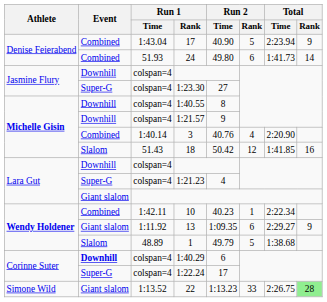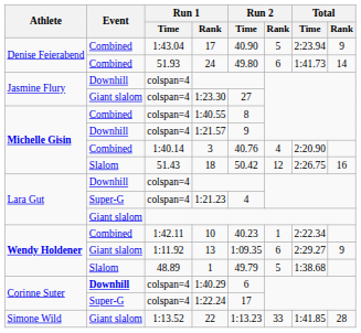 <table class="wikitable" style="font-size:90%">
 <tr>
 <th rowspan=2>Athlete</th>
 <th rowspan=2>Event</th>
 <th colspan=2>Run 1</th>
 <th colspan=2>Run 2</th>
 <th colspan=2>Total</th>
 </tr>
 <tr style="font-size:95%">
 <th>Time</th>
 <th>Rank</th>
 <th>Time</th>
 <th>Rank</th>
 <th>Time</th>
 <th>Rank</th>
 </tr>
 <tr align=center>
 <td align=left rowspan=2><a href='#'>Denise Feierabend</a></td>
 <td align=left><a href='#'>Combined</a></td>
 <td>1:43.04</td>
 <td>17</td>
 <td>40.90</td>
 <td>5</td>
 <td>2:23.94</td>
 <td>9</td>
 </tr>
 <tr align=center>
 <td align=left><a href='#'>Combined</a></td>
 <td>51.93</td>
 <td>24</td>
 <td>49.80</td>
 <td>6</td>
 <td>1:41.73</td>
 <td>14</td>
 </tr>
 <tr align=center>
 <td align=left rowspan=2><a href='#'>Jasmine Flury</a></td>
 <td align=left><a href='#'>Downhill</a></td>
 <td>colspan=4 </td>
 <td colspan=2></td>
 </tr>
 <tr align=center>
-<td align=left><a href='#'>Super-G</a></td>
+<td align=left><a href='#'>Giant slalom</a></td>
 <td>colspan=4 </td>
 <td>1:23.30</td>
 <td>27</td>
 </tr>
 <tr align=center>
 <td align=left rowspan=4><strong><a href='#'>Michelle Gisin</a></strong></td>
-<td align=left><a href='#'>Downhill</a></td>
+<td align=left><a href='#'>Combined</a></td>
 <td>colspan=4 </td>
 <td>1:40.55</td>
 <td>8</td>
 </tr>
 <tr align=center>
 <td align=left><a href='#'>Downhill</a></td>
 <td>colspan=4 </td>
 <td>1:21.57</td>
 <td>9</td>
 </tr>
 <tr align=center>
 <td align=left><a href='#'>Combined</a></td>
 <td>1:40.14</td>
 <td>3</td>
 <td>40.76</td>
 <td>4</td>
 <td>2:20.90</td>
 <td></td>
 </tr>
 <tr align=center>
 <td align=left><a href='#'>Slalom</a></td>
 <td>51.43</td>
 <td>18</td>
 <td>50.42</td>
 <td>12</td>
-<td>1:41.85</td>
+<td>2:26.75</td>
 <td>16</td>
 </tr>
 <tr align=center>
 <td align=left rowspan=3><a href='#'>Lara Gut</a></td>
 <td align=left><a href='#'>Downhill</a></td>
 <td>colspan=4 </td>
 <td colspan=2></td>
 </tr>
 <tr align=center>
 <td align=left><a href='#'>Super-G</a></td>
 <td>colspan=4 </td>
 <td>1:21.23</td>
 <td>4</td>
 </tr>
 <tr align=center>
 <td align=left><a href='#'>Giant slalom</a></td>
 <td colspan=6></td>
 </tr>
 <tr align=center>
 <td align=left rowspan=3><strong><a href='#'>Wendy Holdener</a></strong></td>
 <td align=left><a href='#'>Combined</a></td>
 <td>1:42.11</td>
 <td>10</td>
 <td>40.23</td>
 <td>1</td>
 <td>2:22.34</td>
 <td></td>
 </tr>
 <tr align=center>
 <td align=left><a href='#'>Giant slalom</a></td>
 <td>1:11.92</td>
 <td>13</td>
 <td>1:09.35</td>
 <td>6</td>
 <td>2:29.27</td>
 <td>9</td>
 </tr>
 <tr align=center>
 <td align=left><a href='#'>Slalom</a></td>
 <td>48.89</td>
 <td>1</td>
 <td>49.79</td>
 <td>5</td>
 <td>1:38.68</td>
 <td></td>
 </tr>
 <tr align=center>
 <td align=left rowspan=2><a href='#'>Corinne Suter</a></td>
 <td align=left><strong><a href='#'>Downhill</a></strong></td>
 <td>colspan=4 </td>
 <td>1:40.29</td>
 <td>6</td>
 </tr>
 <tr align=center>
 <td align=left><a href='#'>Super-G</a></td>
 <td>colspan=4 </td>
 <td>1:22.24</td>
 <td>17</td>
 </tr>
 <tr align=center>
 <td align=left><a href='#'>Simone Wild</a></td>
 <td align=left><a href='#'>Giant slalom</a></td>
 <td>1:13.52</td>
 <td>22</td>
 <td>1:13.23</td>
 <td>33</td>
-<td>2:26.75</td>
-<td style="background: lightgreen;">28</td>
+<td>1:41.85</td>
+<td>28</td>
 </tr>
 </table>
